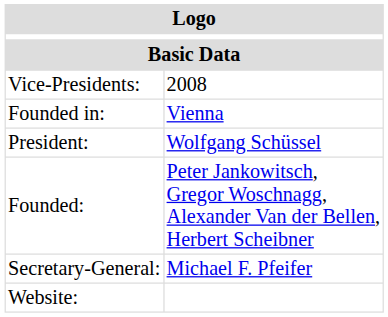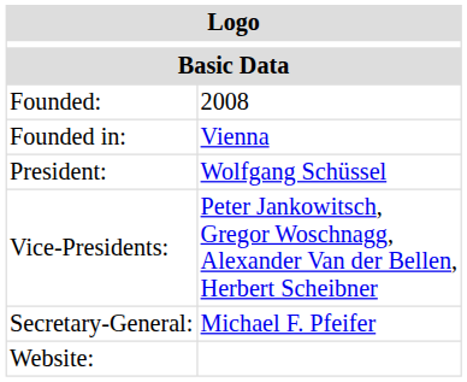 <table border="0" cellpadding="2" cellspacing="1" align="right" style="margin-left:1em; background:#DDDDDD;">
 <tr>
 <th colspan="2">Logo</th>
 </tr>
 <tr bgcolor="#FFFFFF">
 <td colspan="2" align="center"></td>
 </tr>
 <tr>
 <th colspan="2" align=center>Basic Data</th>
 </tr>
 <tr>
 </tr>
 <tr bgcolor="#FFFFFF">
-<td>Vice-Presidents:</td>
+<td>Founded:</td>
 <td>2008</td>
 </tr>
 <tr bgcolor="#FFFFFF">
 <td>Founded in:</td>
 <td><a href='#'>Vienna</a></td>
 </tr>
 <tr bgcolor="#FFFFFF">
 <td>President:</td>
 <td><a href='#'>Wolfgang Schüssel</a></td>
 </tr>
 <tr bgcolor="#FFFFFF">
-<td>Founded:</td>
+<td>Vice-Presidents:</td>
 <td><a href='#'>Peter Jankowitsch</a>, <br><a href='#'>Gregor Woschnagg</a>, <br><a href='#'>Alexander Van der Bellen</a>, <br><a href='#'>Herbert Scheibner</a></td>
 </tr>
 <tr bgcolor="#FFFFFF">
 <td>Secretary-General:</td>
 <td><a href='#'>Michael F. Pfeifer</a></td>
 </tr>
 <tr bgcolor="#FFFFFF">
 <td>Website:</td>
 <td></td>
 </tr>
 </table>
